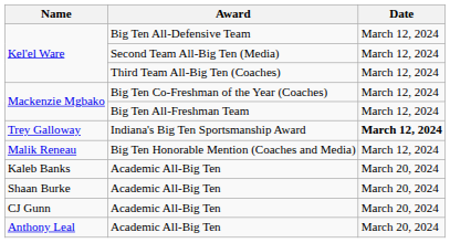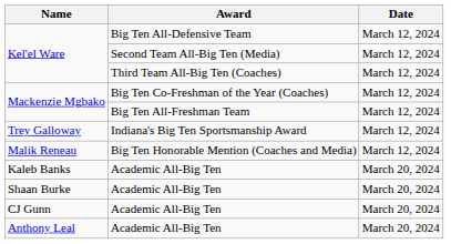 <table class=wikitable "border="1">
 <tr align=center>
 <th>Name</th>
 <th>Award</th>
 <th>Date</th>
 </tr>
 <tr>
 <td rowspan=3><a href='#'>Kel'el Ware</a></td>
 <td>Big Ten All-Defensive Team</td>
 <td>March 12, 2024</td>
 </tr>
 <tr>
 <td>Second Team All-Big Ten (Media)</td>
 <td>March 12, 2024</td>
 </tr>
 <tr>
 <td>Third Team All-Big Ten (Coaches)</td>
 <td>March 12, 2024</td>
 </tr>
 <tr>
 <td rowspan=2><a href='#'>Mackenzie Mgbako</a></td>
 <td>Big Ten Co-Freshman of the Year (Coaches)</td>
 <td>March 12, 2024</td>
 </tr>
 <tr>
 <td>Big Ten All-Freshman Team</td>
 <td>March 12, 2024</td>
 </tr>
 <tr>
 <td rowspan=1><a href='#'>Trey Galloway</a></td>
 <td>Indiana's Big Ten Sportsmanship Award</td>
-<td><strong>March 12, 2024</strong></td>
+<td>March 12, 2024</td>
 </tr>
 <tr>
 <td rowspan=1><a href='#'>Malik Reneau</a></td>
 <td>Big Ten Honorable Mention (Coaches and Media)</td>
 <td>March 12, 2024</td>
 </tr>
 <tr>
 <td rowspan=1>Kaleb Banks</td>
 <td>Academic All-Big Ten</td>
 <td>March 20, 2024</td>
 </tr>
 <tr>
 <td rowspan=1>Shaan Burke</td>
 <td>Academic All-Big Ten</td>
 <td>March 20, 2024</td>
 </tr>
 <tr>
 <td rowspan=1>CJ Gunn</td>
 <td>Academic All-Big Ten</td>
 <td>March 20, 2024</td>
 </tr>
 <tr>
 <td rowspan=1><a href='#'>Anthony Leal</a></td>
 <td>Academic All-Big Ten</td>
 <td>March 20, 2024</td>
 </tr>
 </table>
